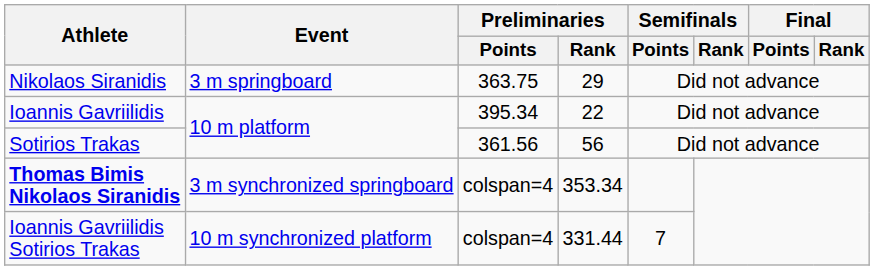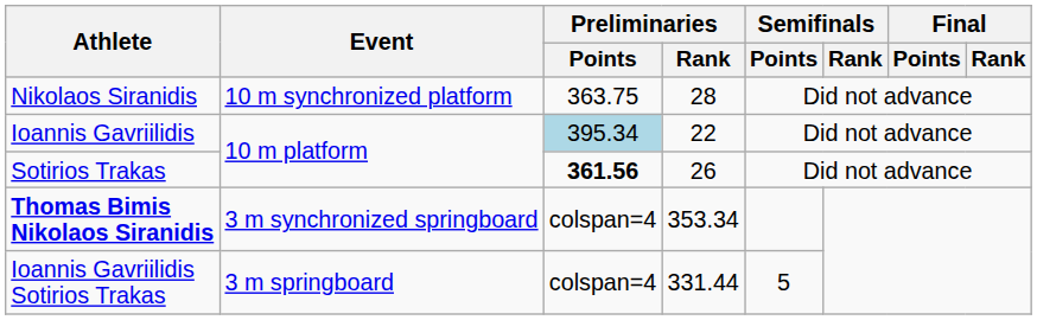 <table class=wikitable style="font-size:90%">
 <tr>
 <th rowspan="2">Athlete</th>
 <th rowspan="2">Event</th>
 <th colspan="2">Preliminaries</th>
 <th colspan="2">Semifinals</th>
 <th colspan="2">Final</th>
 </tr>
 <tr style="font-size:95%">
 <th>Points</th>
 <th>Rank</th>
 <th>Points</th>
 <th>Rank</th>
 <th>Points</th>
 <th>Rank</th>
 </tr>
 <tr align=center>
 <td align=left><a href='#'>Nikolaos Siranidis</a></td>
-<td align=left><a href='#'>3 m springboard</a></td>
+<td align=left><a href='#'>10 m synchronized platform</a></td>
 <td>363.75</td>
-<td>29</td>
+<td>28</td>
 <td colspan=4>Did not advance</td>
 </tr>
 <tr align=center>
 <td align=left><a href='#'>Ioannis Gavriilidis</a></td>
 <td align=left rowspan=2><a href='#'>10 m platform</a></td>
-<td>395.34</td>
+<td style="background: lightblue;">395.34</td>
 <td>22</td>
 <td colspan=4>Did not advance</td>
 </tr>
 <tr align=center>
 <td align=left><a href='#'>Sotirios Trakas</a></td>
-<td>361.56</td>
-<td>56</td>
+<td><strong>361.56</strong></td>
+<td>26</td>
 <td colspan=4>Did not advance</td>
 </tr>
 <tr align=center>
 <td align=left><strong><a href='#'>Thomas Bimis</a><br><a href='#'>Nikolaos Siranidis</a></strong></td>
 <td align=left><a href='#'>3 m synchronized springboard</a></td>
 <td>colspan=4 </td>
 <td>353.34</td>
 <td></td>
 </tr>
 <tr align=center>
 <td align=left><a href='#'>Ioannis Gavriilidis</a><br><a href='#'>Sotirios Trakas</a></td>
-<td align=left><a href='#'>10 m synchronized platform</a></td>
+<td align=left><a href='#'>3 m springboard</a></td>
 <td>colspan=4 </td>
 <td>331.44</td>
-<td>7</td>
+<td>5</td>
 </tr>
 </table>
